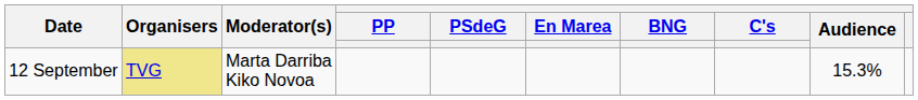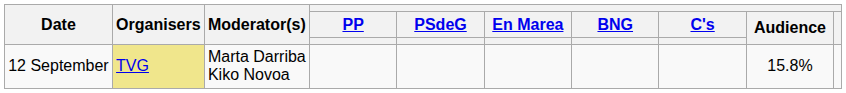 <table class="wikitable" style="text-align:center;">
 <tr>
 <th rowspan="3">Date</th>
 <th rowspan="3">Organisers</th>
 <th rowspan="3">Moderator(s)</th>
 <th colspan="7">  </th>
 </tr>
 <tr>
 <th scope="col" style="width:5em;"><a href='#'>PP</a></th>
 <th scope="col" style="width:5em;"><a href='#'>PSdeG</a></th>
 <th scope="col" style="width:5em;"><a href='#'>En Marea</a></th>
 <th scope="col" style="width:5em;"><a href='#'>BNG</a></th>
 <th scope="col" style="width:5em;"><a href='#'>C's</a></th>
 <th rowspan="2" scope="col" style="width:5em;">Audience</th>
 <th rowspan="2"></th>
 </tr>
 <tr>
 <th style="color:inherit;background:"></th>
 <th style="color:inherit;background:"></th>
 <th style="color:inherit;background:"></th>
 <th style="color:inherit;background:"></th>
 <th style="color:inherit;background:"></th>
 </tr>
 <tr>
 <td style="white-space:nowrap; text-align:left;">12 September</td>
 <td style="background: khaki; white-space:nowrap; text-align:left;"><a href='#'>TVG</a></td>
 <td style="white-space:nowrap; text-align:left;">Marta Darriba<br>Kiko Novoa</td>
 <td></td>
 <td></td>
 <td></td>
 <td></td>
 <td></td>
-<td>15.3%<br></td>
+<td>15.8%<br></td>
 <td><br></td>
 </tr>
 </table>
